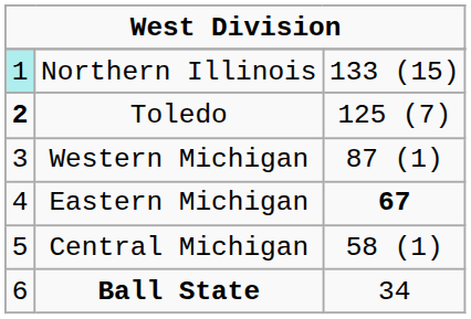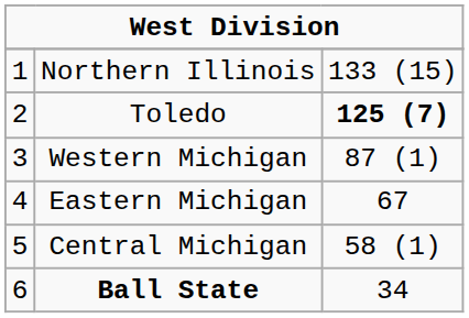 <table class="wikitable">
 <tr align="center">
 <td align="center" Colspan="3"><strong>West Division</strong></td>
 </tr>
 <tr align="center">
 </tr>
 <tr align="center">
-<td style="background: paleturquoise;">1</td>
+<td>1</td>
 <td>Northern Illinois</td>
 <td>133 (15)</td>
 </tr>
 <tr align="center">
-<td><strong>2</strong></td>
+<td>2</td>
 <td>Toledo</td>
-<td>125 (7)</td>
+<td><strong>125 (7)</strong></td>
 </tr>
 <tr align="center">
 <td>3</td>
 <td>Western Michigan</td>
 <td>87 (1)</td>
 </tr>
 <tr align="center">
 <td>4</td>
 <td>Eastern Michigan</td>
-<td><strong>67</strong></td>
+<td>67</td>
 </tr>
 <tr align="center">
 <td>5</td>
 <td>Central Michigan</td>
 <td>58 (1)</td>
 </tr>
 <tr align="center">
 <td>6</td>
 <td><strong>Ball State</strong></td>
 <td>34</td>
 </tr>
 </table>
